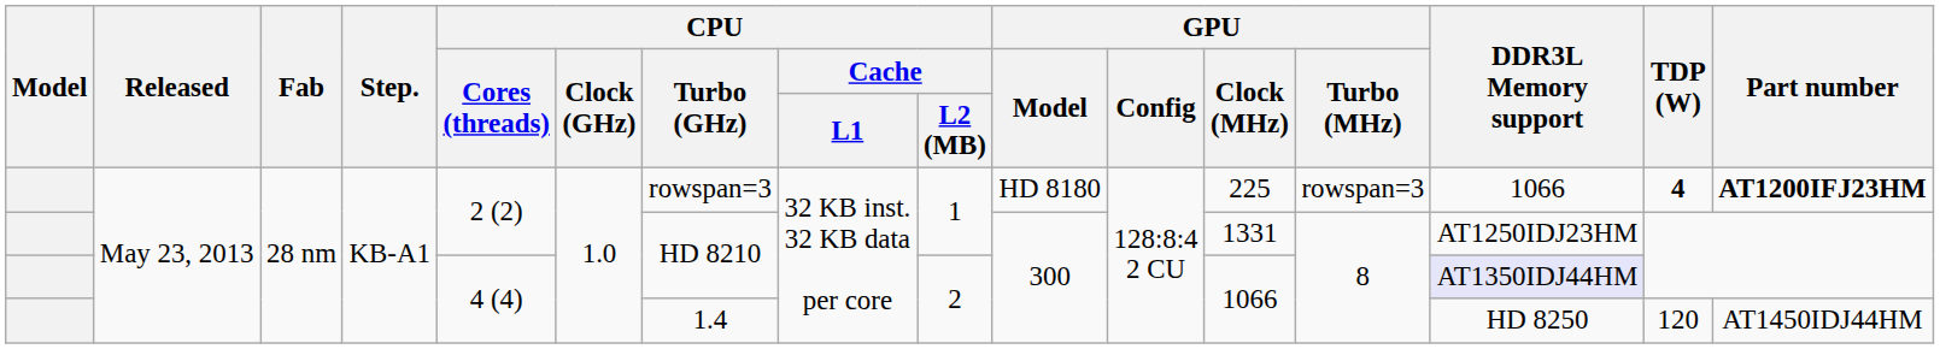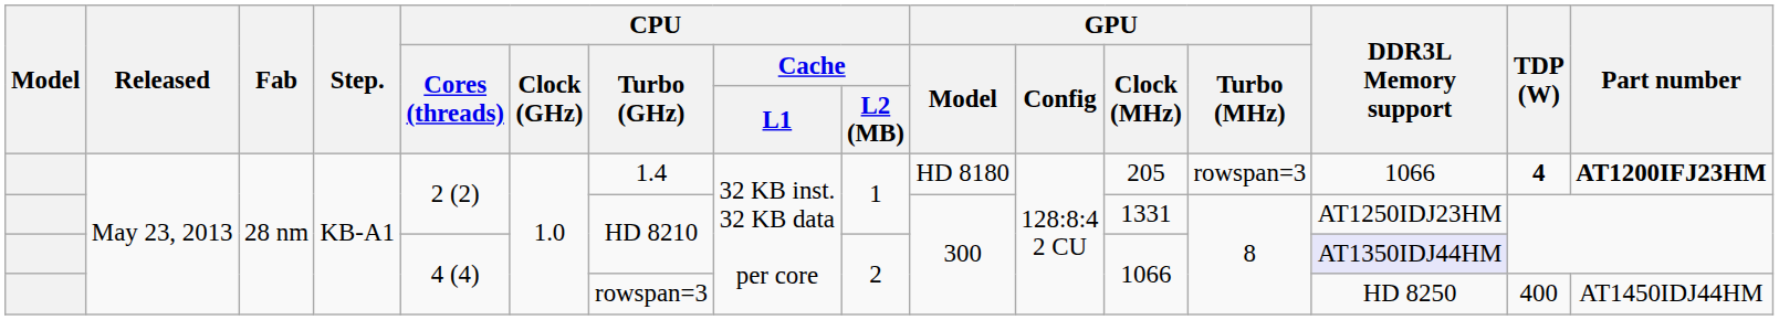 <table class="wikitable sortable sort-under" style="text-align: center">
 <tr>
 <th rowspan=3>Model</th>
 <th rowspan=3>Released</th>
 <th rowspan=3>Fab</th>
 <th rowspan=3>Step.</th>
 <th colspan="5">CPU</th>
 <th colspan=4>GPU</th>
 <th rowspan=3>DDR3L<br>Memory<br>support</th>
 <th rowspan=3>TDP<br>(W)</th>
 <th rowspan=3>Part number</th>
 </tr>
 <tr>
 <th rowspan=2><a href='#'>Cores</a><br><a href='#'>(threads)</a></th>
 <th rowspan=2>Clock<br>(GHz)</th>
 <th rowspan=2>Turbo<br>(GHz)</th>
 <th colspan="2"><a href='#'>Cache</a></th>
 <th rowspan=2>Model</th>
 <th rowspan=2>Config</th>
 <th rowspan=2>Clock<br>(MHz)</th>
 <th rowspan=2>Turbo<br>(MHz)</th>
 </tr>
 <tr>
 <th><a href='#'>L1</a></th>
 <th><a href='#'>L2</a><br>(MB)</th>
 </tr>
 <tr>
 <th></th>
 <td rowspan=4>May 23, 2013</td>
 <td rowspan=4>28 nm</td>
 <td rowspan=4>KB-A1</td>
 <td rowspan=2>2 (2)</td>
 <td rowspan=4>1.0</td>
-<td>rowspan=3 </td>
+<td>1.4</td>
 <td rowspan=4>32 KB inst.<br>32 KB data<br><br>per core</td>
 <td rowspan=2>1</td>
 <td>HD 8180</td>
 <td rowspan=4>128:8:4<br>2 CU</td>
-<td>225</td>
+<td>205</td>
 <td>rowspan=3 </td>
 <td>1066</td>
 <td><strong>4</strong></td>
 <td><strong>AT1200IFJ23HM</strong></td>
 </tr>
 <tr>
 <th></th>
 <td rowspan=2>HD 8210</td>
 <td rowspan=3>300</td>
 <td>1331</td>
 <td rowspan=3>8</td>
 <td>AT1250IDJ23HM</td>
 </tr>
 <tr>
 <th></th>
 <td rowspan=2>4 (4)</td>
 <td rowspan=2>2</td>
 <td rowspan=2>1066</td>
 <td style="background: lavender;">AT1350IDJ44HM</td>
 </tr>
 <tr>
 <th></th>
-<td>1.4</td>
+<td>rowspan=3 </td>
 <td>HD 8250</td>
-<td>120</td>
+<td>400</td>
 <td>AT1450IDJ44HM</td>
 </tr>
 </table>
